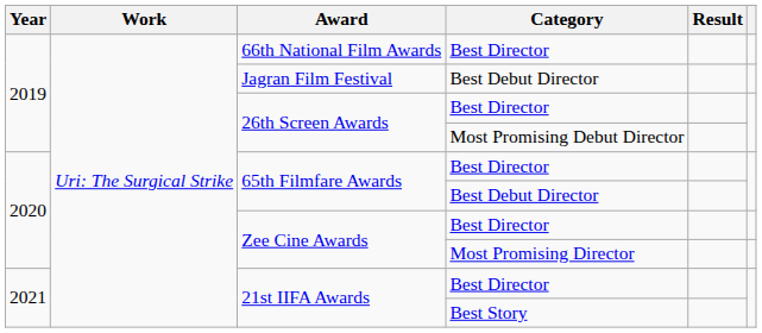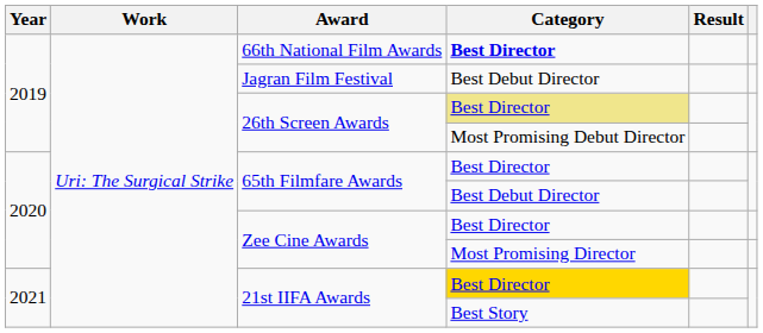 <table class="wikitable sortable">
 <tr>
 <th scope="col">Year</th>
 <th scope="col">Work</th>
 <th scope="col">Award</th>
 <th scope="col">Category</th>
 <th scope="col">Result</th>
 <th scope="col" class="unsortable"></th>
 </tr>
 <tr>
 <td rowspan="4">2019</td>
 <td rowspan="10"><em><a href='#'>Uri: The Surgical Strike</a></em></td>
 <td><a href='#'>66th National Film Awards</a></td>
-<td><a href='#'>Best Director</a></td>
+<td><strong><a href='#'>Best Director</a></strong></td>
 <td></td>
 <td></td>
 </tr>
 <tr>
 <td><a href='#'>Jagran Film Festival</a></td>
 <td>Best Debut Director</td>
 <td></td>
 <td></td>
 </tr>
 <tr>
 <td rowspan="2"><a href='#'>26th Screen Awards</a></td>
-<td><a href='#'>Best Director</a></td>
+<td style="background: khaki;"><a href='#'>Best Director</a></td>
 <td></td>
 <td rowspan="2"></td>
 </tr>
 <tr>
 <td>Most Promising Debut Director</td>
 <td></td>
 </tr>
 <tr>
 <td rowspan="4">2020</td>
 <td rowspan="2"><a href='#'>65th Filmfare Awards</a></td>
 <td><a href='#'>Best Director</a></td>
 <td></td>
 <td rowspan="2"></td>
 </tr>
 <tr>
 <td><a href='#'>Best Debut Director</a></td>
 <td></td>
 </tr>
 <tr>
 <td rowspan="2"><a href='#'>Zee Cine Awards</a></td>
 <td><a href='#'>Best Director</a></td>
 <td></td>
 <td></td>
 </tr>
 <tr>
 <td><a href='#'>Most Promising Director</a></td>
 <td></td>
 <td></td>
 </tr>
 <tr>
 <td rowspan="2">2021</td>
 <td rowspan="2"><a href='#'>21st IIFA Awards</a></td>
-<td><a href='#'>Best Director</a></td>
+<td style="background: gold;"><a href='#'>Best Director</a></td>
 <td></td>
 <td rowspan="2"></td>
 </tr>
 <tr>
 <td><a href='#'>Best Story</a></td>
 <td></td>
 </tr>
 </table>
